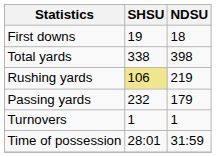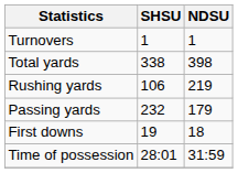 <table class="wikitable">
 <tr>
 <th>Statistics</th>
 <th>SHSU</th>
 <th>NDSU</th>
 </tr>
 <tr>
-<td>First downs</td>
-<td>19</td>
-<td>18</td>
+<td>Turnovers</td>
+<td>1</td>
+<td>1</td>
 </tr>
 <tr>
 <td>Total yards</td>
 <td>338</td>
 <td>398</td>
 </tr>
 <tr>
 <td>Rushing yards</td>
-<td style="background: khaki;">106</td>
+<td>106</td>
 <td>219</td>
 </tr>
 <tr>
 <td>Passing yards</td>
 <td>232</td>
 <td>179</td>
 </tr>
 <tr>
-<td>Turnovers</td>
-<td>1</td>
-<td>1</td>
+<td>First downs</td>
+<td>19</td>
+<td>18</td>
 </tr>
 <tr>
 <td>Time of possession</td>
 <td>28:01</td>
 <td>31:59</td>
 </tr>
 <tr>
 </tr>
 </table>
